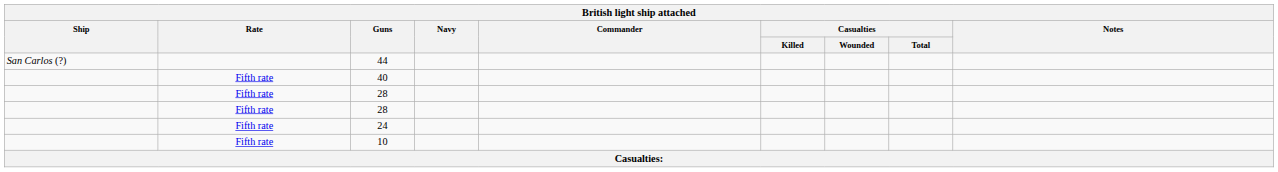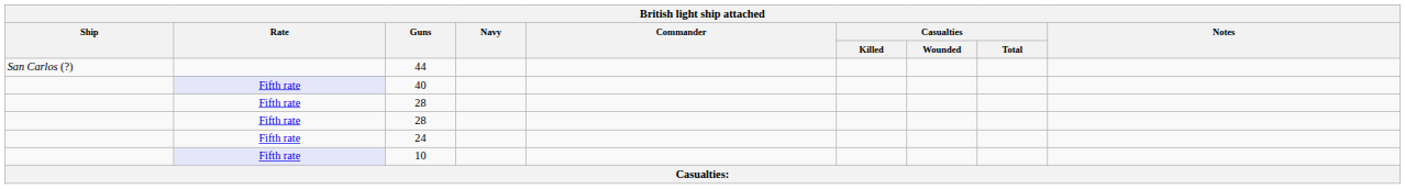 <table class="wikitable" border="1" style="width:100%;">
 <tr style="vertical-align:top;">
 <th colspan="11" bgcolor="white">British light ship attached</th>
 </tr>
 <tr valign="top"|- style="vertical-align:top;">
 <th width=12%; align= center rowspan=2><small> Ship </small></th>
 <th width=15%; align= center rowspan=2><small> Rate </small></th>
 <th width=5%; align= center rowspan=2><small> Guns </small></th>
 <th width=5%; align= center rowspan=2><small> Navy </small></th>
 <th width=22%; align= center rowspan=2><small> Commander </small></th>
 <th width=15%; align= center colspan=3><small>Casualties</small></th>
 <th width=25%; align= center rowspan=2><small>Notes</small></th>
 </tr>
 <tr style="vertical-align:top;">
 <th width=5%; align= center><small> Killed </small></th>
 <th width=5%; align= center><small> Wounded </small></th>
 <th width=5%; align= center><small> Total</small></th>
 </tr>
 <tr style="vertical-align:top;">
 <td align= left><em>San Carlos</em> (?)</td>
 <td align= center></td>
 <td align= center>44</td>
 <td align= center></td>
 <td align= left></td>
 <td align= right></td>
 <td align= right></td>
 <td align= right></td>
 <td align= left></td>
 </tr>
 <tr style="vertical-align:top;">
 <td align= left></td>
-<td align= center><a href='#'>Fifth rate</a></td>
+<td align= center style="background: lavender;"><a href='#'>Fifth rate</a></td>
 <td align= center>40</td>
 <td align= center></td>
 <td align= left></td>
 <td align= right></td>
 <td align= right></td>
 <td align= right></td>
 <td align= left></td>
 </tr>
 <tr style="vertical-align:top;">
 <td align= left></td>
 <td align= center><a href='#'>Fifth rate</a></td>
 <td align= center>28</td>
 <td align= center></td>
 <td align= left></td>
 <td align= right></td>
 <td align= right></td>
 <td align= right></td>
 <td align= left></td>
 </tr>
 <tr style="vertical-align:top;">
 <td align= left></td>
 <td align= center><a href='#'>Fifth rate</a></td>
 <td align= center>28</td>
 <td align= center></td>
 <td align= left></td>
 <td align= right></td>
 <td align= right></td>
 <td align= right></td>
 <td align= left></td>
 </tr>
 <tr style="vertical-align:top;">
 <td align= left></td>
 <td align= center><a href='#'>Fifth rate</a></td>
 <td align= center>24</td>
 <td align= center></td>
 <td align= left></td>
 <td align= right></td>
 <td align= right></td>
 <td align= right></td>
 <td align= left></td>
 </tr>
 <tr style="vertical-align:top;">
 <td align= left></td>
-<td align= center><a href='#'>Fifth rate</a></td>
+<td align= center style="background: lavender;"><a href='#'>Fifth rate</a></td>
 <td align= center>10</td>
 <td align= center></td>
 <td align= left></td>
 <td align= right></td>
 <td align= right></td>
 <td align= right></td>
 <td align= left></td>
 </tr>
 <tr style="vertical-align:top;">
 <th colspan="11" bgcolor="white">Casualties:</th>
 </tr>
 </table>
